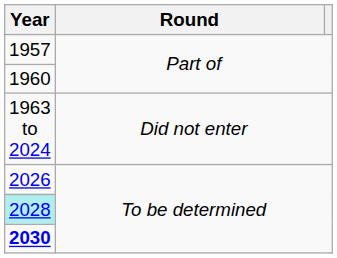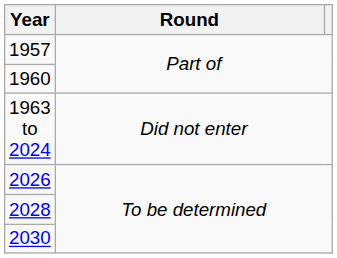 <table class="wikitable" style="text-align: center; font-size:90%">
 <tr>
 <th>Year</th>
 <th style="width:200px">Round</th>
 <th></th>
 </tr>
 <tr>
 <td>1957</td>
 <td colspan="2" rowspan="2"><em>Part of</em> </td>
 </tr>
 <tr>
 <td>1960</td>
 </tr>
 <tr>
 <td>1963<br>to<br><a href='#'>2024</a></td>
 <td colspan="2"><em>Did not enter</em></td>
 </tr>
 <tr>
 <td><a href='#'>2026</a></td>
 <td colspan="2" rowspan="3"><em>To be determined</em></td>
 </tr>
 <tr>
-<td style="background: paleturquoise;"><a href='#'>2028</a></td>
+<td><a href='#'>2028</a></td>
 </tr>
 <tr>
-<td><strong><a href='#'>2030</a></strong></td>
+<td><a href='#'>2030</a></td>
 </tr>
 </table>
